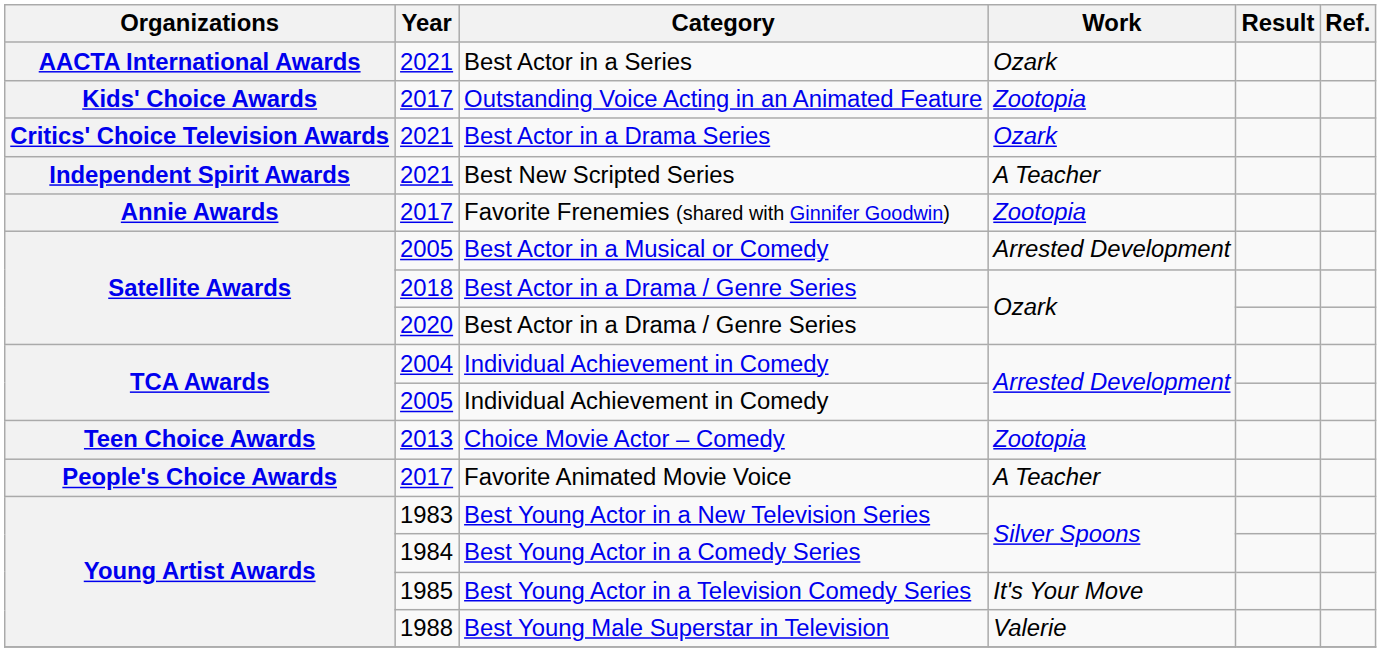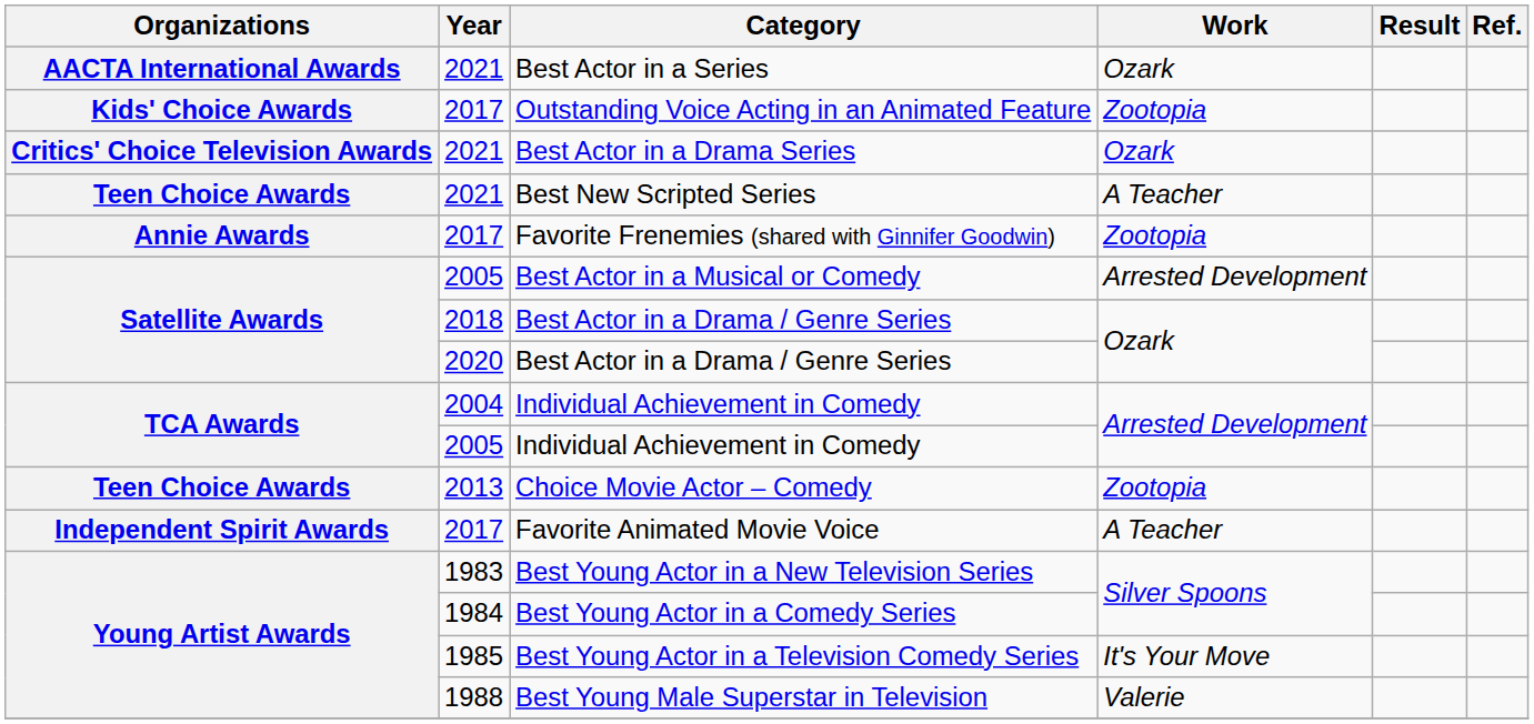 <table class="wikitable sortable plainrowheaders">
 <tr>
 <th>Organizations</th>
 <th>Year</th>
 <th>Category</th>
 <th>Work</th>
 <th>Result</th>
 <th class="unsortable">Ref.</th>
 </tr>
 <tr>
 <th rowspan="1" scope="row"><a href='#'>AACTA International Awards</a></th>
 <td style="text-align:center;"><a href='#'>2021</a></td>
 <td>Best Actor in a Series</td>
 <td><em>Ozark</em></td>
 <td></td>
 <td></td>
 </tr>
 <tr>
 <th rowspan="1" scope="row"><a href='#'>Kids' Choice Awards</a></th>
 <td align="center" rowspan=1><a href='#'>2017</a></td>
 <td><a href='#'>Outstanding Voice Acting in an Animated Feature</a></td>
 <td><em><a href='#'>Zootopia</a></em></td>
 <td></td>
 <td></td>
 </tr>
 <tr>
 <th rowspan="1" scope="row"><a href='#'>Critics' Choice Television Awards</a></th>
 <td style="text-align:center;"><a href='#'>2021</a></td>
 <td><a href='#'>Best Actor in a Drama Series</a></td>
 <td><em><a href='#'>Ozark</a></em></td>
 <td></td>
 <td></td>
 </tr>
 <tr>
-<th rowspan="1" scope="row"><a href='#'>Independent Spirit Awards</a></th>
+<th rowspan="1" scope="row"><a href='#'>Teen Choice Awards</a></th>
 <td style="text-align:center;"><a href='#'>2021</a></td>
 <td>Best New Scripted Series</td>
 <td><em>A Teacher</em></td>
 <td></td>
 <td></td>
 </tr>
 <tr>
 <th rowspan="1" scope="row"><a href='#'>Annie Awards</a></th>
 <td style="text-align:center;"><a href='#'>2017</a></td>
 <td>Favorite Frenemies <small>(shared with <a href='#'>Ginnifer Goodwin</a>)</small></td>
 <td><em><a href='#'>Zootopia</a></em></td>
 <td></td>
 <td></td>
 </tr>
 <tr>
 <th rowspan="3" scope="row"><a href='#'>Satellite Awards</a></th>
 <td style="text-align:center;"><a href='#'>2005</a></td>
 <td><a href='#'>Best Actor in a Musical or Comedy</a></td>
 <td><em>Arrested Development</em></td>
 <td></td>
 <td></td>
 </tr>
 <tr>
 <td style="text-align:center;"><a href='#'>2018</a></td>
 <td><a href='#'>Best Actor in a Drama / Genre Series</a></td>
 <td rowspan=2><em>Ozark</em></td>
 <td></td>
 <td></td>
 </tr>
 <tr>
 <td style="text-align:center;"><a href='#'>2020</a></td>
 <td>Best Actor in a Drama / Genre Series</td>
 <td></td>
 <td></td>
 </tr>
 <tr>
 <th rowspan="2" scope="row"><a href='#'>TCA Awards</a></th>
 <td align="center"><a href='#'>2004</a></td>
 <td><a href='#'>Individual Achievement in Comedy</a></td>
 <td rowspan=2><em><a href='#'>Arrested Development</a></em></td>
 <td></td>
 <td></td>
 </tr>
 <tr>
 <td style="text-align:center;"><a href='#'>2005</a></td>
 <td>Individual Achievement in Comedy</td>
 <td></td>
 <td></td>
 </tr>
 <tr>
 <th rowspan="1" scope="row"><a href='#'>Teen Choice Awards</a></th>
 <td align="center" rowspan=1><a href='#'>2013</a></td>
 <td><a href='#'>Choice Movie Actor – Comedy</a></td>
 <td><em><a href='#'>Zootopia</a></em></td>
 <td></td>
 <td></td>
 </tr>
 <tr>
-<th rowspan="1" scope="row"><a href='#'>People's Choice Awards</a></th>
+<th rowspan="1" scope="row"><a href='#'>Independent Spirit Awards</a></th>
 <td style="text-align:center;"><a href='#'>2017</a></td>
 <td>Favorite Animated Movie Voice</td>
 <td><em>A Teacher</em></td>
 <td></td>
 <td></td>
 </tr>
 <tr>
 <th rowspan="4" scope="row"><a href='#'>Young Artist Awards</a></th>
 <td align="center">1983</td>
 <td><a href='#'>Best Young Actor in a New Television Series</a></td>
 <td rowspan=2><em><a href='#'>Silver Spoons</a></em></td>
 <td></td>
 <td></td>
 </tr>
 <tr>
 <td align="center">1984</td>
 <td><a href='#'>Best Young Actor in a Comedy Series</a></td>
 <td></td>
 <td></td>
 </tr>
 <tr>
 <td align="center">1985</td>
 <td><a href='#'>Best Young Actor in a Television Comedy Series</a></td>
 <td><em>It's Your Move</em></td>
 <td></td>
 <td></td>
 </tr>
 <tr>
 <td align="center">1988</td>
 <td><a href='#'>Best Young Male Superstar in Television</a></td>
 <td><em>Valerie</em></td>
 <td></td>
 <td></td>
 </tr>
 <tr>
 </tr>
 </table>
